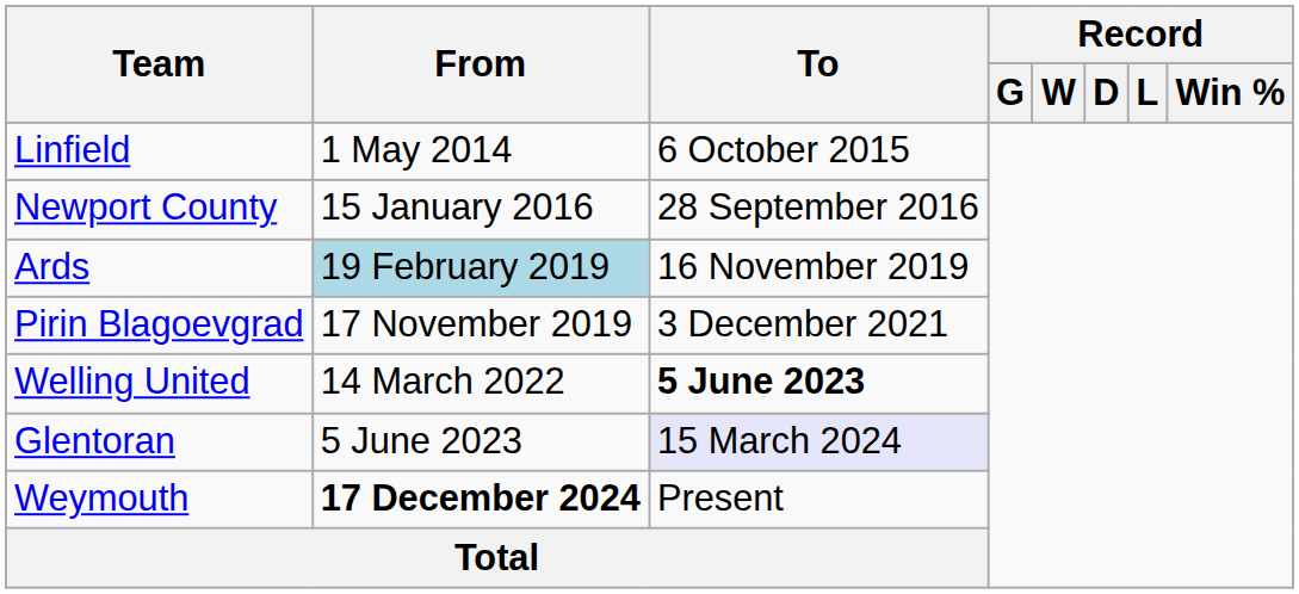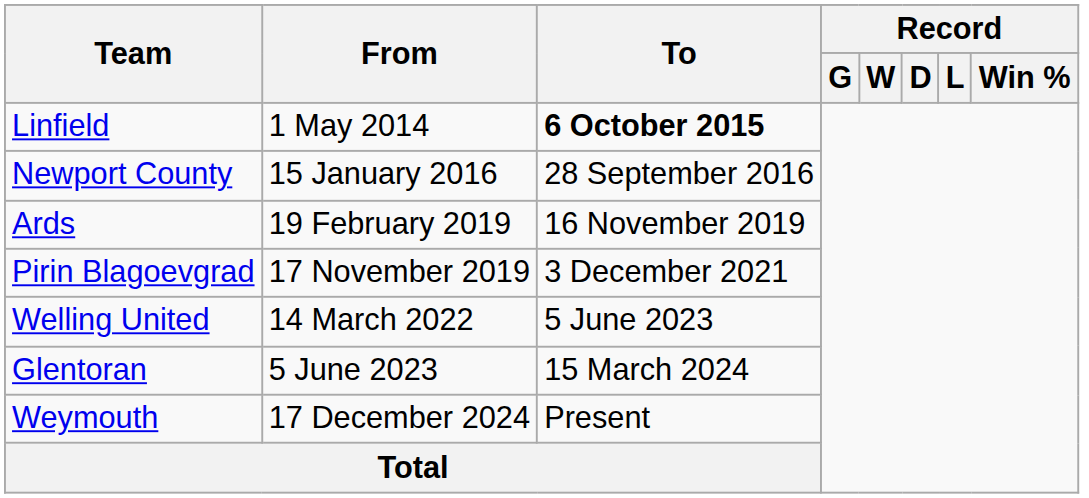 <table class="wikitable" style="text-align:center">
 <tr>
 <th rowspan=2>Team</th>
 <th rowspan=2>From</th>
 <th rowspan=2>To</th>
 <th colspan=8>Record</th>
 </tr>
 <tr>
 <th>G</th>
 <th>W</th>
 <th>D</th>
 <th>L</th>
 <th>Win %</th>
 </tr>
 <tr>
 <td align=left><a href='#'>Linfield</a></td>
 <td align=left>1 May 2014</td>
-<td align=left>6 October 2015<br></td>
+<td align=left><strong>6 October 2015<br></strong></td>
 </tr>
 <tr>
 <td align=left><a href='#'>Newport County</a></td>
 <td align=left>15 January 2016</td>
 <td align=left>28 September 2016<br></td>
 </tr>
 <tr>
 <td align=left><a href='#'>Ards</a></td>
-<td align=left style="background: lightblue;">19 February 2019</td>
+<td align=left>19 February 2019</td>
 <td align=left>16 November 2019<br></td>
 </tr>
 <tr>
 <td align=left><a href='#'>Pirin Blagoevgrad</a></td>
 <td align=left>17 November 2019</td>
 <td align=left>3 December 2021<br></td>
 </tr>
 <tr>
 <td align=left><a href='#'>Welling United</a></td>
 <td align=left>14 March 2022</td>
-<td align=left><strong>5 June 2023<br></strong></td>
+<td align=left>5 June 2023<br></td>
 </tr>
 <tr>
 <td align=left><a href='#'>Glentoran</a></td>
 <td align=left>5 June 2023</td>
-<td align=left style="background: lavender;">15 March 2024<br></td>
+<td align=left>15 March 2024<br></td>
 </tr>
 <tr>
 <td align=left><a href='#'>Weymouth</a></td>
-<td align=left><strong>17 December 2024</strong></td>
+<td align=left>17 December 2024</td>
 <td align=left>Present<br></td>
 </tr>
 <tr>
 <th colspan="3”">Total<br></th>
 </tr>
 </table>
